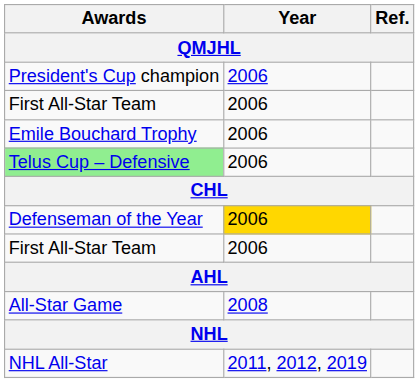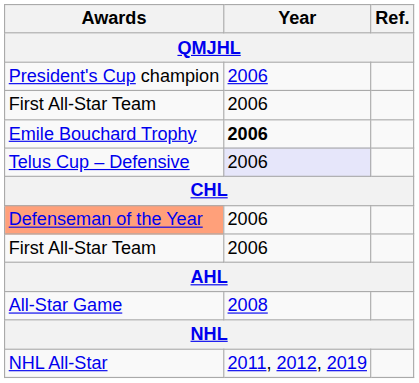 <table class="wikitable">
 <tr>
 <th>Awards</th>
 <th>Year</th>
 <th>Ref.</th>
 </tr>
 <tr>
 <th colspan="3"><a href='#'>QMJHL</a></th>
 </tr>
 <tr>
 <td><a href='#'>President's Cup</a> champion</td>
 <td><a href='#'>2006</a></td>
 <td></td>
 </tr>
 <tr>
 <td>First All-Star Team</td>
 <td>2006</td>
 <td></td>
 </tr>
 <tr>
 <td><a href='#'>Emile Bouchard Trophy</a></td>
-<td>2006</td>
+<td><strong>2006</strong></td>
 <td></td>
 </tr>
 <tr>
-<td style="background: lightgreen;"><a href='#'>Telus Cup – Defensive</a></td>
-<td>2006</td>
+<td><a href='#'>Telus Cup – Defensive</a></td>
+<td style="background: lavender;">2006</td>
 <td></td>
 </tr>
 <tr>
 <th colspan="3"><a href='#'>CHL</a></th>
 </tr>
 <tr>
-<td><a href='#'>Defenseman of the Year</a></td>
-<td style="background: gold;">2006</td>
+<td style="background: lightsalmon;"><a href='#'>Defenseman of the Year</a></td>
+<td>2006</td>
 <td></td>
 </tr>
 <tr>
 <td>First All-Star Team</td>
 <td>2006</td>
 <td></td>
 </tr>
 <tr>
 <th colspan="3"><a href='#'>AHL</a></th>
 </tr>
 <tr>
 <td><a href='#'>All-Star Game</a></td>
 <td><a href='#'>2008</a></td>
 <td></td>
 </tr>
 <tr>
 <th colspan="3"><a href='#'>NHL</a></th>
 </tr>
 <tr>
 <td><a href='#'>NHL All-Star</a></td>
 <td><a href='#'>2011</a>, <a href='#'>2012</a>, <a href='#'>2019</a></td>
 <td></td>
 </tr>
 </table>
